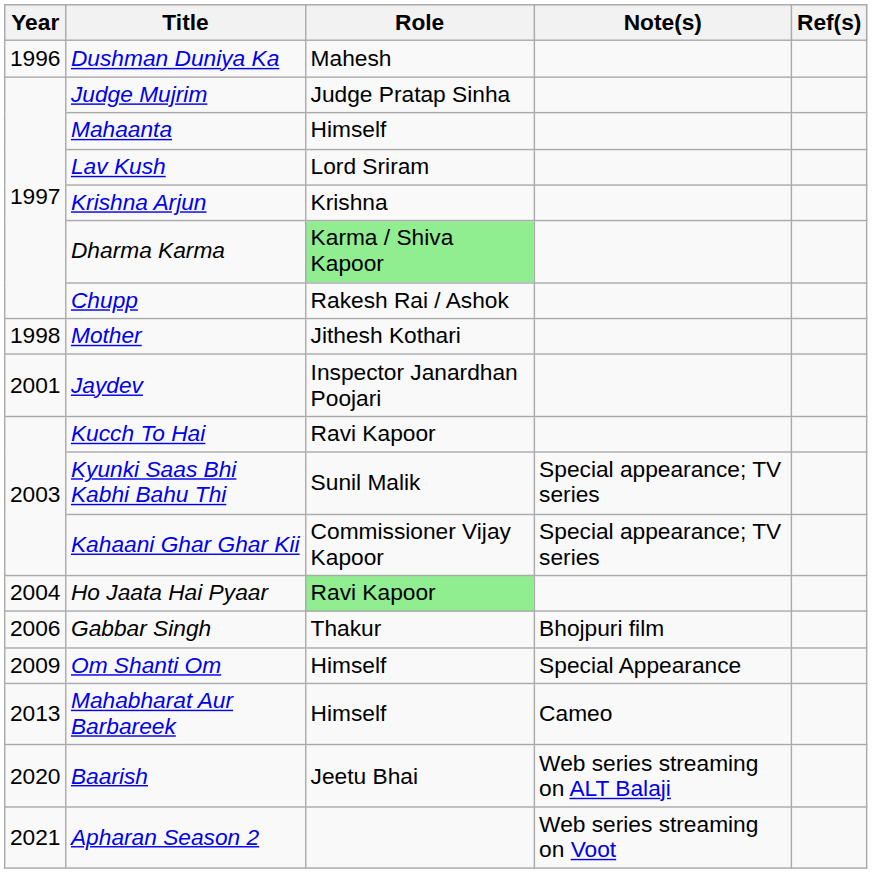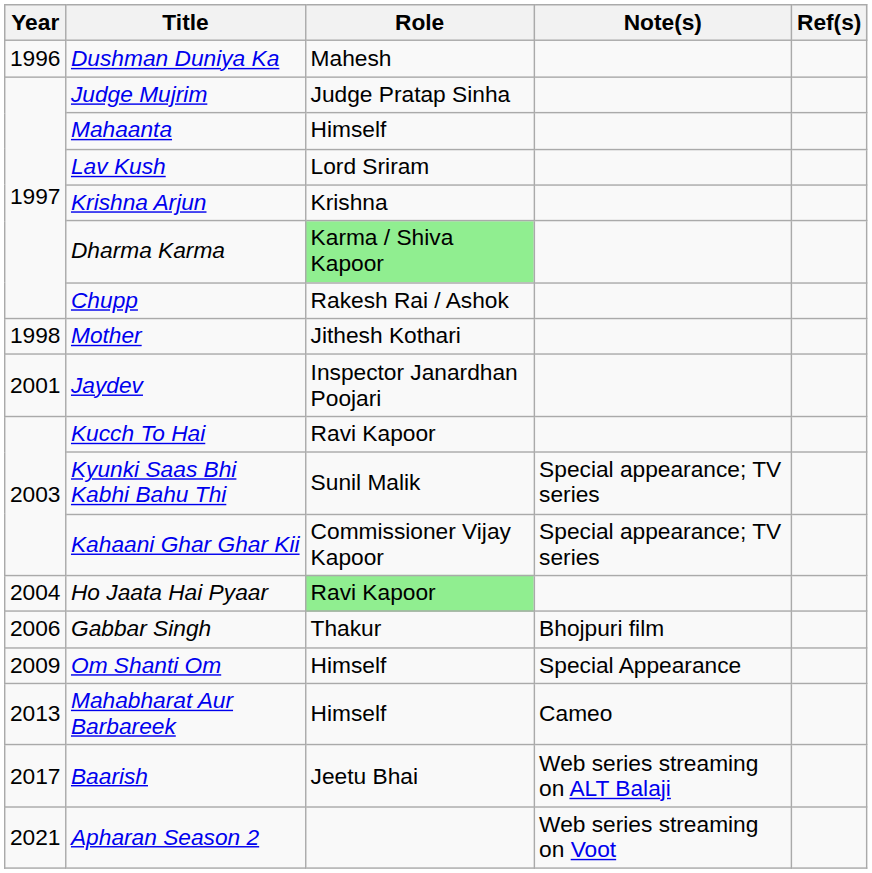 <table class="wikitable sortable">
 <tr style="background:#ccc; align:center,">
 <th>Year</th>
 <th>Title</th>
 <th>Role</th>
 <th>Note(s)</th>
 <th>Ref(s)</th>
 </tr>
 <tr>
 <td>1996</td>
 <td><em><a href='#'>Dushman Duniya Ka</a></em></td>
 <td>Mahesh</td>
 <td></td>
 <td></td>
 </tr>
 <tr>
 <td rowspan="6">1997</td>
 <td><em><a href='#'>Judge Mujrim</a></em></td>
 <td>Judge Pratap Sinha</td>
 <td></td>
 <td></td>
 </tr>
 <tr>
 <td><em><a href='#'>Mahaanta</a></em></td>
 <td>Himself</td>
 <td></td>
 <td></td>
 </tr>
 <tr>
 <td><em><a href='#'>Lav Kush</a></em></td>
 <td>Lord Sriram</td>
 <td></td>
 <td></td>
 </tr>
 <tr>
 <td><em><a href='#'>Krishna Arjun</a></em></td>
 <td>Krishna</td>
 <td></td>
 <td></td>
 </tr>
 <tr>
 <td><em>Dharma Karma</em></td>
 <td style="background: lightgreen;">Karma / Shiva Kapoor</td>
 <td></td>
 <td></td>
 </tr>
 <tr>
 <td><em><a href='#'>Chupp</a></em></td>
 <td>Rakesh Rai / Ashok</td>
 <td></td>
 <td></td>
 </tr>
 <tr>
 <td>1998</td>
 <td><em><a href='#'>Mother</a></em></td>
 <td>Jithesh Kothari</td>
 <td></td>
 <td></td>
 </tr>
 <tr>
 <td>2001</td>
 <td><em><a href='#'>Jaydev</a></em></td>
 <td>Inspector Janardhan Poojari</td>
 <td></td>
 <td></td>
 </tr>
 <tr>
 <td rowspan="3">2003</td>
 <td><em><a href='#'>Kucch To Hai</a></em></td>
 <td>Ravi Kapoor</td>
 <td></td>
 <td></td>
 </tr>
 <tr>
 <td><em><a href='#'>Kyunki Saas Bhi Kabhi Bahu Thi</a></em></td>
 <td>Sunil Malik</td>
 <td>Special appearance; TV series</td>
 <td></td>
 </tr>
 <tr>
 <td><em><a href='#'>Kahaani Ghar Ghar Kii</a></em></td>
 <td>Commissioner Vijay Kapoor</td>
 <td>Special appearance; TV series</td>
 <td></td>
 </tr>
 <tr>
 <td>2004</td>
 <td><em>Ho Jaata Hai Pyaar</em></td>
 <td style="background: lightgreen;">Ravi Kapoor</td>
 <td></td>
 <td></td>
 </tr>
 <tr>
 <td>2006</td>
 <td><em>Gabbar Singh</em></td>
 <td>Thakur</td>
 <td>Bhojpuri film</td>
 <td></td>
 </tr>
 <tr>
 <td>2009</td>
 <td><em><a href='#'>Om Shanti Om</a></em></td>
 <td>Himself</td>
 <td>Special Appearance</td>
 <td></td>
 </tr>
 <tr>
 <td>2013</td>
 <td><em><a href='#'>Mahabharat Aur Barbareek</a></em></td>
 <td>Himself</td>
 <td>Cameo</td>
 <td></td>
 </tr>
 <tr>
-<td>2020</td>
+<td>2017</td>
 <td><em><a href='#'>Baarish</a></em></td>
 <td>Jeetu Bhai</td>
 <td>Web series streaming on <a href='#'>ALT Balaji</a></td>
 <td></td>
 </tr>
 <tr>
 <td>2021</td>
 <td><em><a href='#'> Apharan Season 2</a></em></td>
 <td></td>
 <td>Web series streaming on <a href='#'>Voot</a></td>
 </tr>
 </table>
